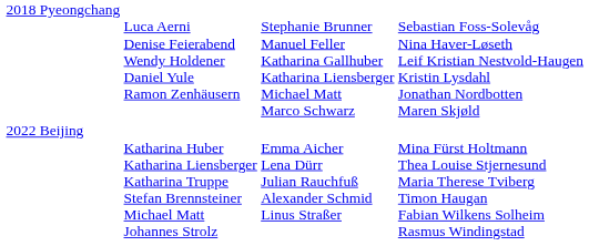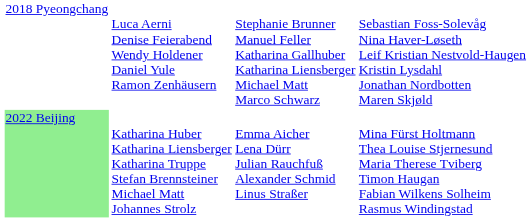 <table>
 <tr valign="top">
 <td><a href='#'>2018 Pyeongchang</a><br></td>
 <td><br><a href='#'>Luca Aerni</a><br><a href='#'>Denise Feierabend</a><br><a href='#'>Wendy Holdener</a><br><a href='#'>Daniel Yule</a><br><a href='#'>Ramon Zenhäusern</a><br><br></td>
 <td><br><a href='#'>Stephanie Brunner</a><br><a href='#'>Manuel Feller</a><br><a href='#'>Katharina Gallhuber</a><br><a href='#'>Katharina Liensberger</a><br><a href='#'>Michael Matt</a><br><a href='#'>Marco Schwarz</a></td>
 <td><br><a href='#'>Sebastian Foss-Solevåg</a><br><a href='#'>Nina Haver-Løseth</a><br><a href='#'>Leif Kristian Nestvold-Haugen</a><br><a href='#'>Kristin Lysdahl</a><br><a href='#'>Jonathan Nordbotten</a><br><a href='#'>Maren Skjøld</a></td>
 </tr>
 <tr valign="top">
-<td><a href='#'>2022 Beijing</a> <br></td>
+<td style="background: lightgreen;"><a href='#'>2022 Beijing</a> <br></td>
 <td><br><a href='#'>Katharina Huber</a><br><a href='#'>Katharina Liensberger</a><br><a href='#'>Katharina Truppe</a><br><a href='#'>Stefan Brennsteiner</a><br><a href='#'>Michael Matt</a><br><a href='#'>Johannes Strolz</a></td>
 <td><br><a href='#'>Emma Aicher</a><br><a href='#'>Lena Dürr</a><br><a href='#'>Julian Rauchfuß</a><br><a href='#'>Alexander Schmid</a><br><a href='#'>Linus Straßer</a></td>
 <td><br><a href='#'>Mina Fürst Holtmann</a><br><a href='#'>Thea Louise Stjernesund</a><br><a href='#'>Maria Therese Tviberg</a><br><a href='#'>Timon Haugan</a><br><a href='#'>Fabian Wilkens Solheim</a><br><a href='#'>Rasmus Windingstad</a></td>
 </tr>
 <tr>
 </tr>
 </table>
